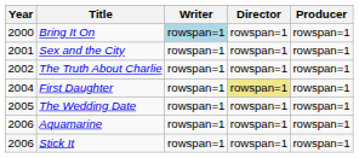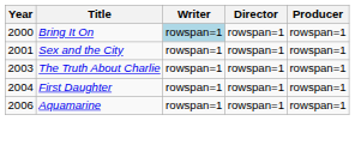 <table class="wikitable sortable">
 <tr>
 <th>Year</th>
 <th>Title</th>
 <th>Writer</th>
 <th>Director</th>
 <th>Producer</th>
 </tr>
 <tr>
 <td>2000</td>
 <td><em><a href='#'>Bring It On</a></em></td>
 <td style="background: lightblue;">rowspan=1 </td>
 <td>rowspan=1 </td>
 <td>rowspan=1 </td>
 </tr>
 <tr>
 <td>2001</td>
 <td><em><a href='#'>Sex and the City</a></em></td>
 <td>rowspan=1 </td>
 <td>rowspan=1 </td>
 <td>rowspan=1 </td>
 </tr>
 <tr>
-<td>2002</td>
+<td>2003</td>
 <td><em><a href='#'>The Truth About Charlie</a></em></td>
 <td>rowspan=1 </td>
 <td>rowspan=1 </td>
 <td>rowspan=1 </td>
 </tr>
 <tr>
 <td>2004</td>
 <td><em><a href='#'>First Daughter</a></em></td>
-<td>rowspan=1 </td>
-<td style="background: khaki;">rowspan=1 </td>
-<td>rowspan=1 </td>
-</tr>
-<tr>
-<td>2005</td>
-<td><em><a href='#'>The Wedding Date</a></em></td>
 <td>rowspan=1 </td>
 <td>rowspan=1 </td>
 <td>rowspan=1 </td>
 </tr>
 <tr>
 <td>2006</td>
 <td><em><a href='#'>Aquamarine</a></em></td>
 <td>rowspan=1 </td>
 <td>rowspan=1 </td>
 <td>rowspan=1 </td>
 </tr>
-<tr>
-<td>2006</td>
-<td><em><a href='#'>Stick It</a></em></td>
-<td>rowspan=1 </td>
-<td>rowspan=1 </td>
-<td>rowspan=1 </td>
-</tr>
 </table>
